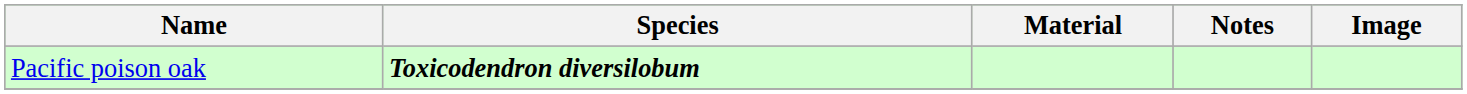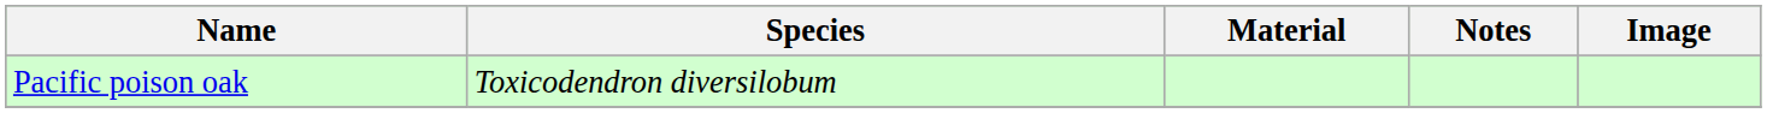 <table class="wikitable" align="center" width="100%" style="background:#D1FFCF;">
 <tr>
 <th>Name</th>
 <th>Species</th>
 <th>Material</th>
 <th>Notes</th>
 <th>Image</th>
 </tr>
 <tr>
 <td><a href='#'>Pacific poison oak</a></td>
-<td><strong><em>Toxicodendron diversilobum</em></strong></td>
+<td><em>Toxicodendron diversilobum</em></td>
 <td></td>
 <td></td>
 <td></td>
 </tr>
 <tr>
 </tr>
 </table>
